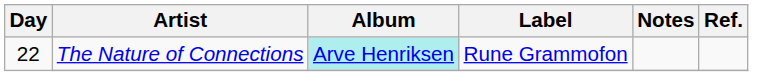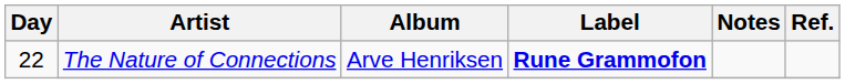 <table class="wikitable" id="table_August">
 <tr>
 <th>Day</th>
 <th>Artist</th>
 <th>Album</th>
 <th>Label</th>
 <th>Notes</th>
 <th>Ref.</th>
 </tr>
 <tr>
 <td rowspan="2" style="text-align:center;">22</td>
 <td><em><a href='#'>The Nature of Connections</a></em></td>
-<td style="background: paleturquoise;"><a href='#'>Arve Henriksen</a></td>
-<td><a href='#'>Rune Grammofon</a></td>
+<td><a href='#'>Arve Henriksen</a></td>
+<td><strong><a href='#'>Rune Grammofon</a></strong></td>
 <td></td>
 <td></td>
 </tr>
 <tr>
 </tr>
 </table>
